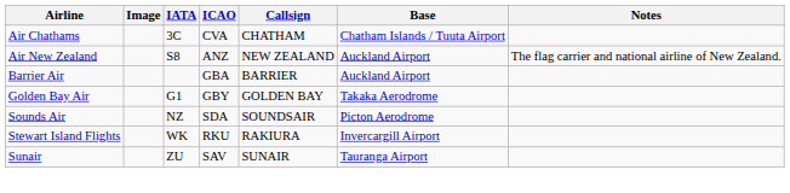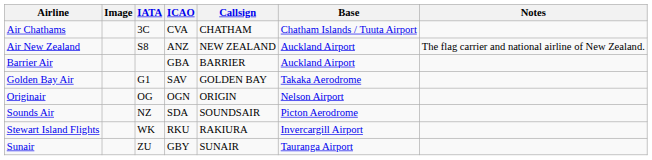 <table class="wikitable sortable" style="border: 0; cellpadding: 2; cellspacing: 3;">
 <tr style="vertical-align:middle;">
 <th>Airline</th>
 <th>Image</th>
 <th><a href='#'>IATA</a></th>
 <th><a href='#'>ICAO</a></th>
 <th><a href='#'>Callsign</a></th>
 <th>Base</th>
 <th class="unsortable">Notes</th>
 </tr>
 <tr>
 <td><a href='#'>Air Chathams</a></td>
 <td></td>
 <td>3C</td>
 <td>CVA</td>
 <td>CHATHAM</td>
 <td><a href='#'>Chatham Islands / Tuuta Airport</a></td>
 <td></td>
 </tr>
 <tr>
 <td><a href='#'>Air New Zealand</a></td>
 <td></td>
 <td>S8</td>
 <td>ANZ</td>
 <td>NEW ZEALAND</td>
 <td><a href='#'>Auckland Airport</a></td>
 <td>The flag carrier and national airline of New Zealand.</td>
 </tr>
 <tr>
 <td><a href='#'>Barrier Air</a></td>
 <td></td>
 <td></td>
 <td>GBA</td>
 <td>BARRIER</td>
 <td><a href='#'>Auckland Airport</a></td>
 <td></td>
 </tr>
 <tr>
 <td><a href='#'>Golden Bay Air</a></td>
 <td></td>
 <td>G1</td>
-<td>GBY</td>
+<td>SAV</td>
 <td>GOLDEN BAY</td>
 <td><a href='#'>Takaka Aerodrome</a></td>
+<td></td>
+</tr>
+<tr>
+<td><a href='#'>Originair</a></td>
+<td></td>
+<td>OG</td>
+<td>OGN</td>
+<td>ORIGIN</td>
+<td><a href='#'>Nelson Airport</a></td>
 <td></td>
 </tr>
 <tr>
 <td><a href='#'>Sounds Air</a></td>
 <td></td>
 <td>NZ</td>
 <td>SDA</td>
 <td>SOUNDSAIR</td>
 <td><a href='#'>Picton Aerodrome</a></td>
 <td></td>
 </tr>
 <tr>
 <td><a href='#'>Stewart Island Flights</a></td>
 <td></td>
 <td>WK</td>
 <td>RKU</td>
 <td>RAKIURA</td>
 <td><a href='#'>Invercargill Airport</a></td>
 <td></td>
 </tr>
 <tr>
 <td><a href='#'>Sunair</a></td>
 <td></td>
 <td>ZU</td>
-<td>SAV</td>
+<td>GBY</td>
 <td>SUNAIR</td>
 <td><a href='#'>Tauranga Airport</a></td>
 <td></td>
 </tr>
 <tr>
 </tr>
 </table>
